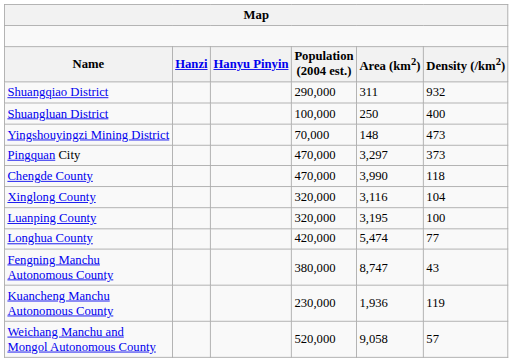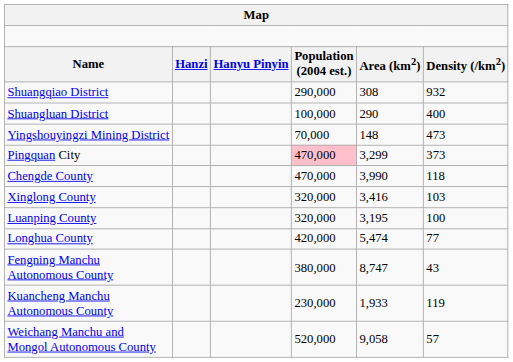 <table class="wikitable"  style="font-size:90%;" align=center>
 <tr>
 <th colspan="7" align="center">Map</th>
 </tr>
 <tr>
 <td colspan="7" align="center"><div><br>              </div></td>
 </tr>
 <tr>
 <th>Name</th>
 <th><a href='#'>Hanzi</a></th>
 <th><a href='#'>Hanyu Pinyin</a></th>
 <th>Population<br>(2004 est.)</th>
 <th>Area (km<sup>2</sup>)</th>
 <th>Density (/km<sup>2</sup>)</th>
 </tr>
 <tr>
 <td><a href='#'>Shuangqiao District</a></td>
 <td></td>
 <td></td>
 <td>290,000</td>
-<td>311</td>
+<td>308</td>
 <td>932</td>
 </tr>
 <tr>
 <td><a href='#'>Shuangluan District</a></td>
 <td></td>
 <td></td>
 <td>100,000</td>
-<td>250</td>
+<td>290</td>
 <td>400</td>
 </tr>
 <tr>
 <td><a href='#'>Yingshouyingzi Mining District</a></td>
 <td></td>
 <td></td>
 <td>70,000</td>
 <td>148</td>
 <td>473</td>
 </tr>
 <tr>
 <td><a href='#'>Pingquan</a> City</td>
 <td></td>
 <td></td>
-<td>470,000</td>
-<td>3,297</td>
+<td style="background: pink;">470,000</td>
+<td>3,299</td>
 <td>373</td>
 </tr>
 <tr>
 <td><a href='#'>Chengde County</a></td>
 <td></td>
 <td></td>
 <td>470,000</td>
 <td>3,990</td>
 <td>118</td>
 </tr>
 <tr>
 <td><a href='#'>Xinglong County</a></td>
 <td></td>
 <td></td>
 <td>320,000</td>
-<td>3,116</td>
-<td>104</td>
+<td>3,416</td>
+<td>103</td>
 </tr>
 <tr>
 <td><a href='#'>Luanping County</a></td>
 <td></td>
 <td></td>
 <td>320,000</td>
 <td>3,195</td>
 <td>100</td>
 </tr>
 <tr>
 <td><a href='#'>Longhua County</a></td>
 <td></td>
 <td></td>
 <td>420,000</td>
 <td>5,474</td>
 <td>77</td>
 </tr>
 <tr>
 <td><a href='#'>Fengning Manchu</a><br><a href='#'>Autonomous County</a></td>
 <td></td>
 <td></td>
 <td>380,000</td>
 <td>8,747</td>
 <td>43</td>
 </tr>
 <tr>
 <td><a href='#'>Kuancheng Manchu</a><br><a href='#'>Autonomous County</a></td>
 <td></td>
 <td></td>
 <td>230,000</td>
-<td>1,936</td>
+<td>1,933</td>
 <td>119</td>
 </tr>
 <tr>
 <td><a href='#'>Weichang Manchu and</a><br><a href='#'>Mongol Autonomous County</a></td>
 <td></td>
 <td></td>
 <td>520,000</td>
 <td>9,058</td>
 <td>57</td>
 </tr>
 </table>
